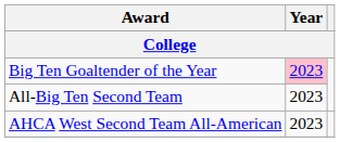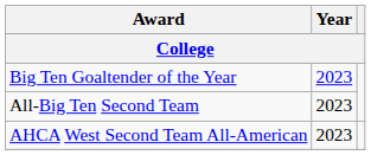 <table class="wikitable">
 <tr>
 <th>Award</th>
 <th>Year</th>
 <th></th>
 </tr>
 <tr ALIGN="center" bgcolor="#e0e0e0">
 </tr>
 <tr ALIGN="center" bgcolor="#e0e0e0">
 <th colspan="3"><a href='#'>College</a></th>
 </tr>
 <tr>
 <td><a href='#'>Big Ten Goaltender of the Year</a></td>
-<td style="background: pink;"><a href='#'>2023</a></td>
+<td><a href='#'>2023</a></td>
 <td rowspan="2"></td>
 </tr>
 <tr>
 <td>All-<a href='#'>Big Ten</a> <a href='#'>Second Team</a></td>
 <td>2023</td>
 </tr>
 <tr>
 <td><a href='#'>AHCA</a> <a href='#'>West Second Team All-American</a></td>
 <td>2023</td>
 <td></td>
 </tr>
 <tr>
 </tr>
 </table>
